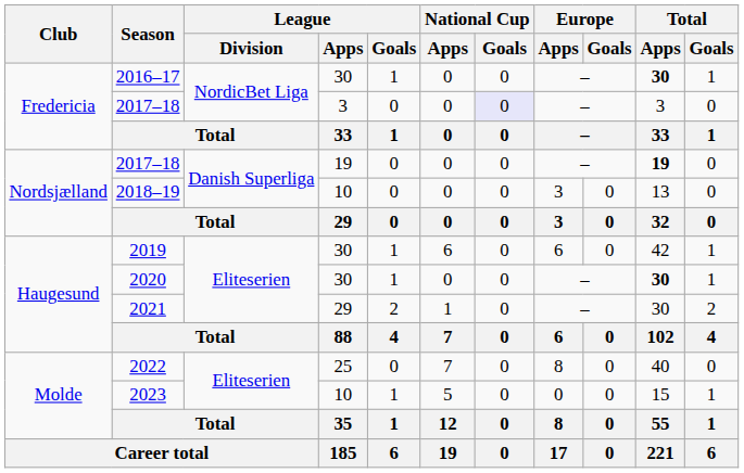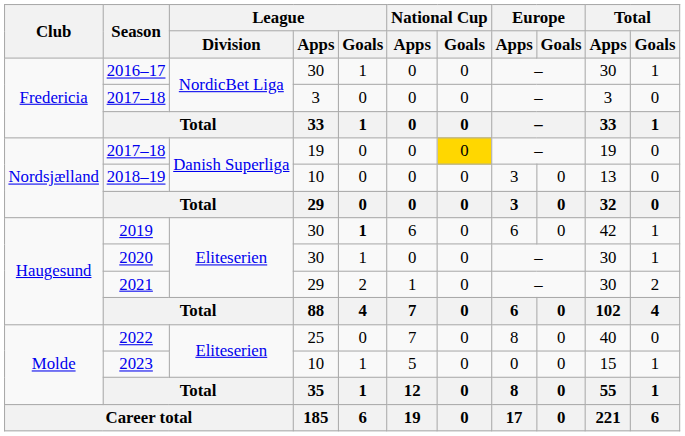 <table class="wikitable" style="text-align: center;">
 <tr>
 <th rowspan="2">Club</th>
 <th rowspan="2">Season</th>
 <th colspan="3">League</th>
 <th colspan="2">National Cup</th>
 <th colspan="2">Europe</th>
 <th colspan="2">Total</th>
 </tr>
 <tr>
 <th>Division</th>
 <th>Apps</th>
 <th>Goals</th>
 <th>Apps</th>
 <th>Goals</th>
 <th>Apps</th>
 <th>Goals</th>
 <th>Apps</th>
 <th>Goals</th>
 </tr>
 <tr>
 <td rowspan="3"><a href='#'>Fredericia</a></td>
 <td><a href='#'>2016–17</a></td>
 <td rowspan="2"><a href='#'>NordicBet Liga</a></td>
 <td>30</td>
 <td>1</td>
 <td>0</td>
 <td>0</td>
 <td colspan="2">–</td>
-<td><strong>30</strong></td>
+<td>30</td>
 <td>1</td>
 </tr>
 <tr>
 <td><a href='#'>2017–18</a></td>
 <td>3</td>
 <td>0</td>
 <td>0</td>
-<td style="background: lavender;">0</td>
+<td>0</td>
 <td colspan="2">–</td>
 <td>3</td>
 <td>0</td>
 </tr>
 <tr>
 <th colspan="2">Total</th>
 <th>33</th>
 <th>1</th>
 <th>0</th>
 <th>0</th>
 <th colspan="2">–</th>
 <th>33</th>
 <th>1</th>
 </tr>
 <tr>
 <td rowspan="3"><a href='#'>Nordsjælland</a></td>
 <td><a href='#'>2017–18</a></td>
 <td rowspan="2"><a href='#'>Danish Superliga</a></td>
 <td>19</td>
 <td>0</td>
 <td>0</td>
-<td>0</td>
+<td style="background: gold;">0</td>
 <td colspan="2">–</td>
-<td><strong>19</strong></td>
+<td>19</td>
 <td>0</td>
 </tr>
 <tr>
 <td><a href='#'>2018–19</a></td>
 <td>10</td>
 <td>0</td>
 <td>0</td>
 <td>0</td>
 <td>3</td>
 <td>0</td>
 <td>13</td>
 <td>0</td>
 </tr>
 <tr>
 <th colspan="2">Total</th>
 <th>29</th>
 <th>0</th>
 <th>0</th>
 <th>0</th>
 <th>3</th>
 <th>0</th>
 <th>32</th>
 <th>0</th>
 </tr>
 <tr>
 <td rowspan="4"><a href='#'>Haugesund</a></td>
 <td><a href='#'>2019</a></td>
 <td rowspan="3"><a href='#'>Eliteserien</a></td>
 <td>30</td>
-<td>1</td>
+<td><strong>1</strong></td>
 <td>6</td>
 <td>0</td>
 <td>6</td>
 <td>0</td>
 <td>42</td>
 <td>1</td>
 </tr>
 <tr>
 <td><a href='#'>2020</a></td>
 <td>30</td>
 <td>1</td>
 <td>0</td>
 <td>0</td>
 <td colspan="2">–</td>
-<td><strong>30</strong></td>
+<td>30</td>
 <td>1</td>
 </tr>
 <tr>
 <td><a href='#'>2021</a></td>
 <td>29</td>
 <td>2</td>
 <td>1</td>
 <td>0</td>
 <td colspan="2">–</td>
 <td>30</td>
 <td>2</td>
 </tr>
 <tr>
 <th colspan="2">Total</th>
 <th>88</th>
 <th>4</th>
 <th>7</th>
 <th>0</th>
 <th>6</th>
 <th>0</th>
 <th>102</th>
 <th>4</th>
 </tr>
 <tr>
 <td rowspan="3"><a href='#'>Molde</a></td>
 <td><a href='#'>2022</a></td>
 <td rowspan="2"><a href='#'>Eliteserien</a></td>
 <td>25</td>
 <td>0</td>
 <td>7</td>
 <td>0</td>
 <td>8</td>
 <td>0</td>
 <td>40</td>
 <td>0</td>
 </tr>
 <tr>
 <td><a href='#'>2023</a></td>
 <td>10</td>
 <td>1</td>
 <td>5</td>
 <td>0</td>
 <td>0</td>
 <td>0</td>
 <td>15</td>
 <td>1</td>
 </tr>
 <tr>
 <th colspan="2">Total</th>
 <th>35</th>
 <th>1</th>
 <th>12</th>
 <th>0</th>
 <th>8</th>
 <th>0</th>
 <th>55</th>
 <th>1</th>
 </tr>
 <tr>
 <th colspan="3">Career total</th>
 <th>185</th>
 <th>6</th>
 <th>19</th>
 <th>0</th>
 <th>17</th>
 <th>0</th>
 <th>221</th>
 <th>6</th>
 </tr>
 </table>
